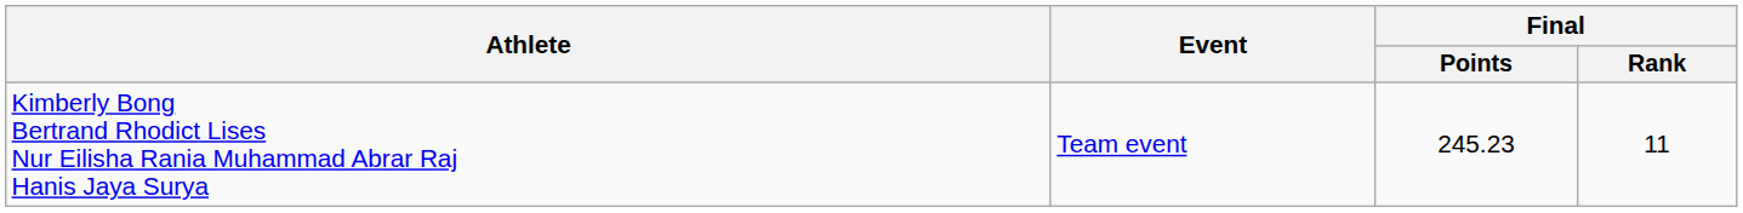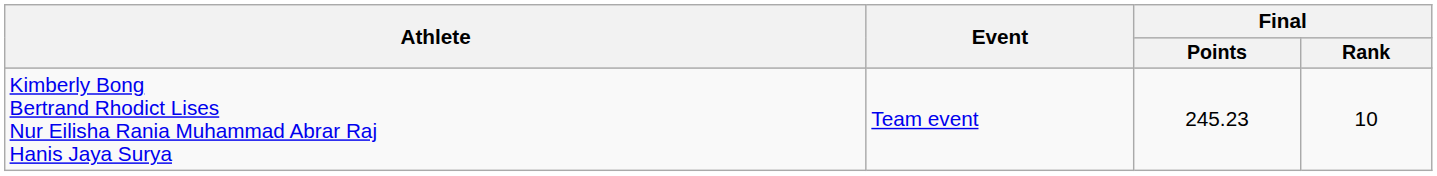 <table class="wikitable" style="text-align:center; font-size:90%; width:50%;">
 <tr>
 <th rowspan=2>Athlete</th>
 <th rowspan=2>Event</th>
 <th colspan=2>Final</th>
 </tr>
 <tr style="font-size:95%">
 <th>Points</th>
 <th>Rank</th>
 </tr>
 <tr>
 <td align=left><a href='#'>Kimberly Bong</a><br> <a href='#'>Bertrand Rhodict Lises</a><br><a href='#'>Nur Eilisha Rania Muhammad Abrar Raj</a><br><a href='#'>Hanis Jaya Surya</a></td>
 <td align=left><a href='#'>Team event</a></td>
 <td>245.23</td>
-<td>11</td>
+<td>10</td>
 </tr>
 </table>
